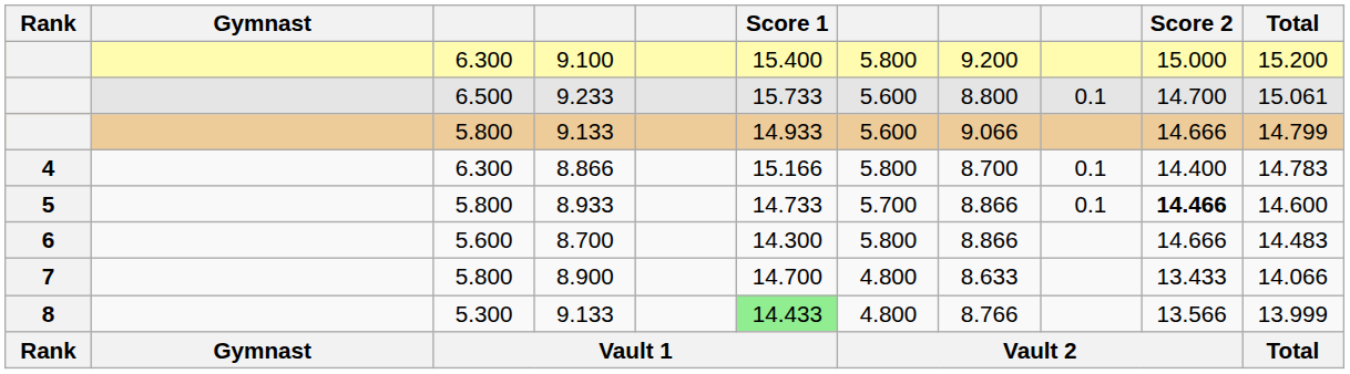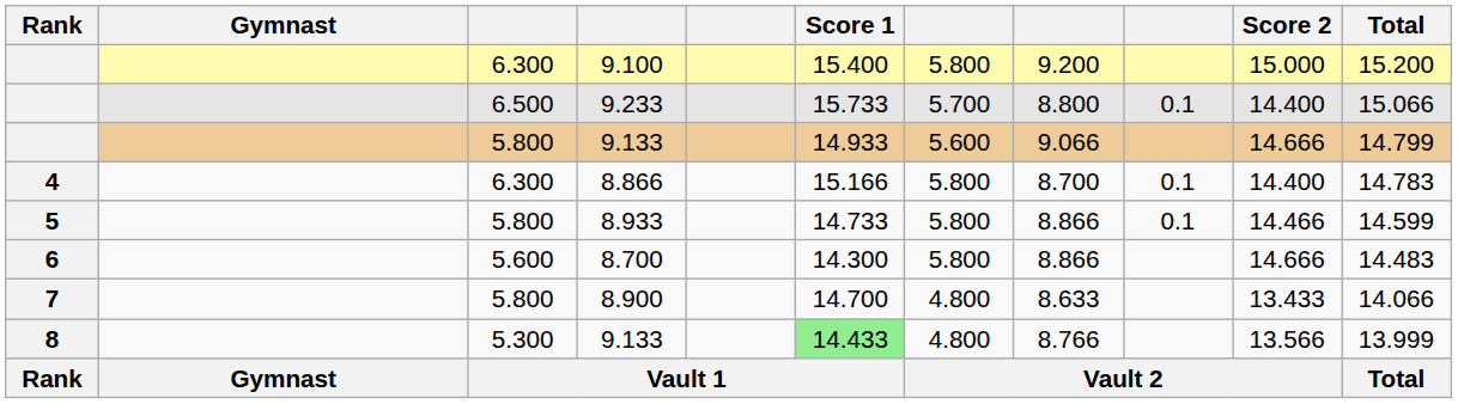 <table class="wikitable sortable" style="text-align:center; font-size:95%">
 <tr>
 <th scope="col" style="width:50px;">Rank</th>
 <th scope="col" style="width:220px;">Gymnast</th>
 <th scope="col" style="width:60px"></th>
 <th scope="col" style="width:60px;"></th>
 <th scope="col" style="width:60px;"></th>
 <th scope="col" style="width:60px;">Score 1</th>
 <th scope="col" style="width:60px"></th>
 <th scope="col" style="width:60px;"></th>
 <th scope="col" style="width:60px;"></th>
 <th scope="col" style="width:60px;">Score 2</th>
 <th scope="col" style="width:60px">Total</th>
 </tr>
 <tr style="background:#fffcaf;">
 <th scope=row style="text-align:center"></th>
 <td style="text-align:left;"></td>
 <td>6.300</td>
 <td>9.100</td>
 <td></td>
 <td>15.400</td>
 <td>5.800</td>
 <td>9.200</td>
 <td></td>
 <td>15.000</td>
 <td>15.200</td>
 </tr>
 <tr style="background:#e5e5e5;">
 <th scope=row style="text-align:center"></th>
 <td style="text-align:left;"></td>
 <td>6.500</td>
 <td>9.233</td>
 <td></td>
 <td>15.733</td>
-<td>5.600</td>
+<td>5.700</td>
 <td>8.800</td>
 <td>0.1</td>
-<td>14.700</td>
-<td>15.061</td>
+<td>14.400</td>
+<td>15.066</td>
 </tr>
 <tr style="background:#ec9;">
 <th scope=row style="text-align:center"></th>
 <td style="text-align:left;"></td>
 <td>5.800</td>
 <td>9.133</td>
 <td></td>
 <td>14.933</td>
 <td>5.600</td>
 <td>9.066</td>
 <td></td>
 <td>14.666</td>
 <td>14.799</td>
 </tr>
 <tr>
 <th scope=row style="text-align:center">4</th>
 <td style="text-align:left;"></td>
 <td>6.300</td>
 <td>8.866</td>
 <td></td>
 <td>15.166</td>
 <td>5.800</td>
 <td>8.700</td>
 <td>0.1</td>
 <td>14.400</td>
 <td>14.783</td>
 </tr>
 <tr>
 <th scope=row style="text-align:center">5</th>
 <td style="text-align:left;"></td>
 <td>5.800</td>
 <td>8.933</td>
 <td></td>
 <td>14.733</td>
-<td>5.700</td>
+<td>5.800</td>
 <td>8.866</td>
 <td>0.1</td>
-<td><strong>14.466</strong></td>
-<td>14.600</td>
+<td>14.466</td>
+<td>14.599</td>
 </tr>
 <tr>
 <th scope=row style="text-align:center">6</th>
 <td style="text-align:left;"></td>
 <td>5.600</td>
 <td>8.700</td>
 <td></td>
 <td>14.300</td>
 <td>5.800</td>
 <td>8.866</td>
 <td></td>
 <td>14.666</td>
 <td>14.483</td>
 </tr>
 <tr>
 <th scope=row style="text-align:center">7</th>
 <td style="text-align:left;"></td>
 <td>5.800</td>
 <td>8.900</td>
 <td></td>
 <td>14.700</td>
 <td>4.800</td>
 <td>8.633</td>
 <td></td>
 <td>13.433</td>
 <td>14.066</td>
 </tr>
 <tr>
 <th scope=row style="text-align:center">8</th>
 <td style="text-align:left;"></td>
 <td>5.300</td>
 <td>9.133</td>
 <td></td>
 <td style="background: lightgreen;">14.433</td>
 <td>4.800</td>
 <td>8.766</td>
 <td></td>
 <td>13.566</td>
 <td>13.999</td>
 </tr>
 <tr class="sortbottom">
 <th scope=col>Rank</th>
 <th scope="col" style="width:210px;">Gymnast</th>
 <th scope=col colspan="4">Vault 1</th>
 <th scope=col colspan="4">Vault 2</th>
 <th scope=col>Total</th>
 </tr>
 </table>
